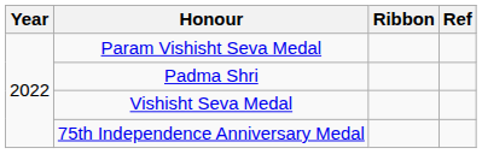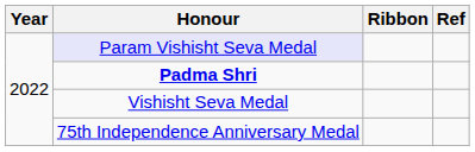 <table class="wikitable" style="text-align:center;">
 <tr>
 <th>Year</th>
 <th>Honour</th>
 <th>Ribbon</th>
 <th>Ref</th>
 </tr>
 <tr>
 <td rowspan=4>2022</td>
-<td><a href='#'>Param Vishisht Seva Medal</a></td>
+<td style="background: lavender;"><a href='#'>Param Vishisht Seva Medal</a></td>
 <td></td>
 <td></td>
 </tr>
 <tr>
-<td><a href='#'>Padma Shri</a></td>
+<td><strong><a href='#'>Padma Shri</a></strong></td>
 <td></td>
 <td></td>
 </tr>
 <tr>
 <td><a href='#'>Vishisht Seva Medal</a></td>
 <td></td>
 <td></td>
 </tr>
 <tr>
 <td><a href='#'>75th Independence Anniversary Medal</a></td>
 <td></td>
 <td></td>
 </tr>
 </table>
